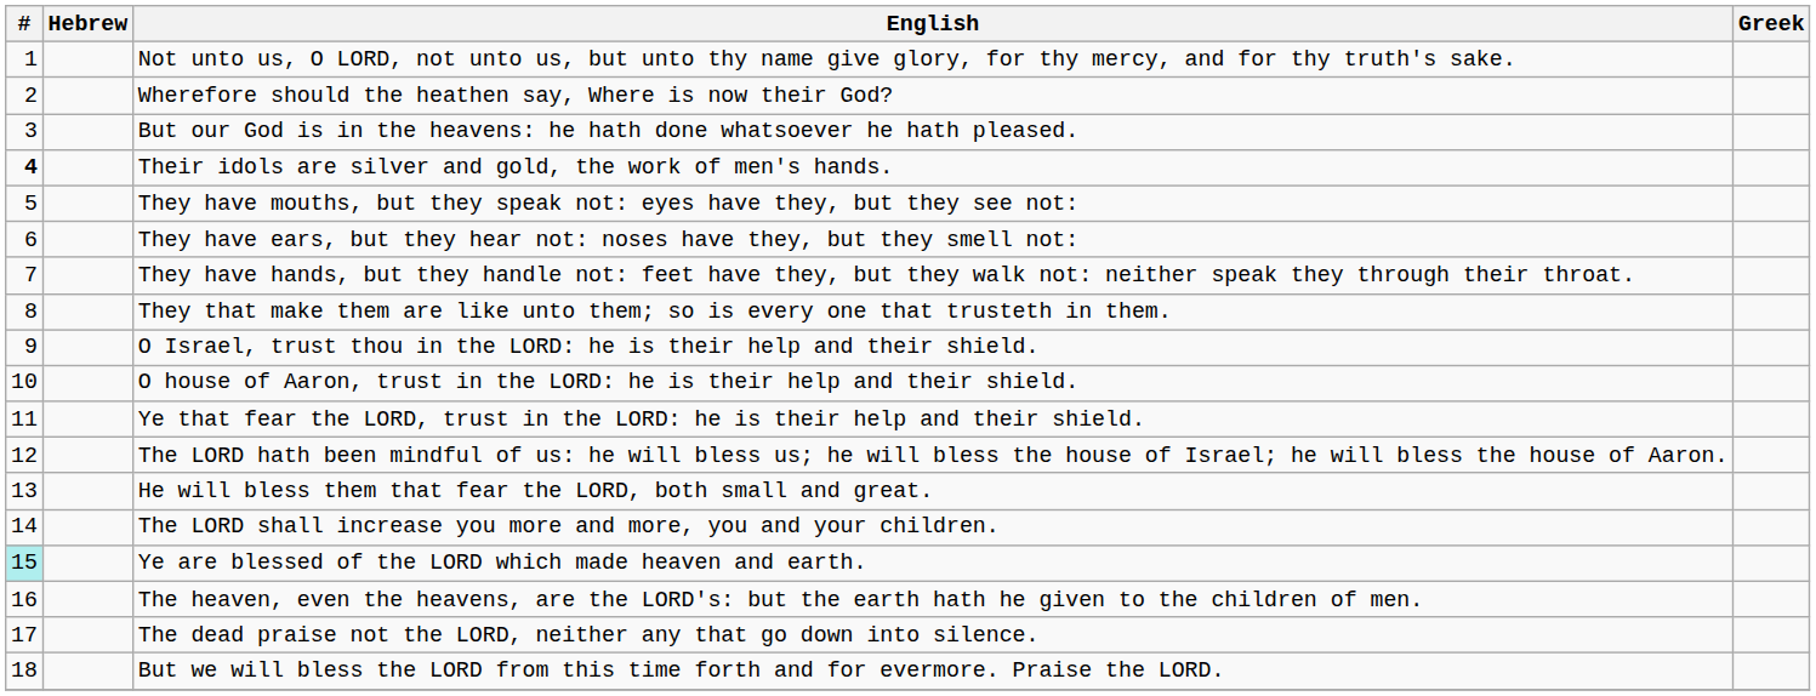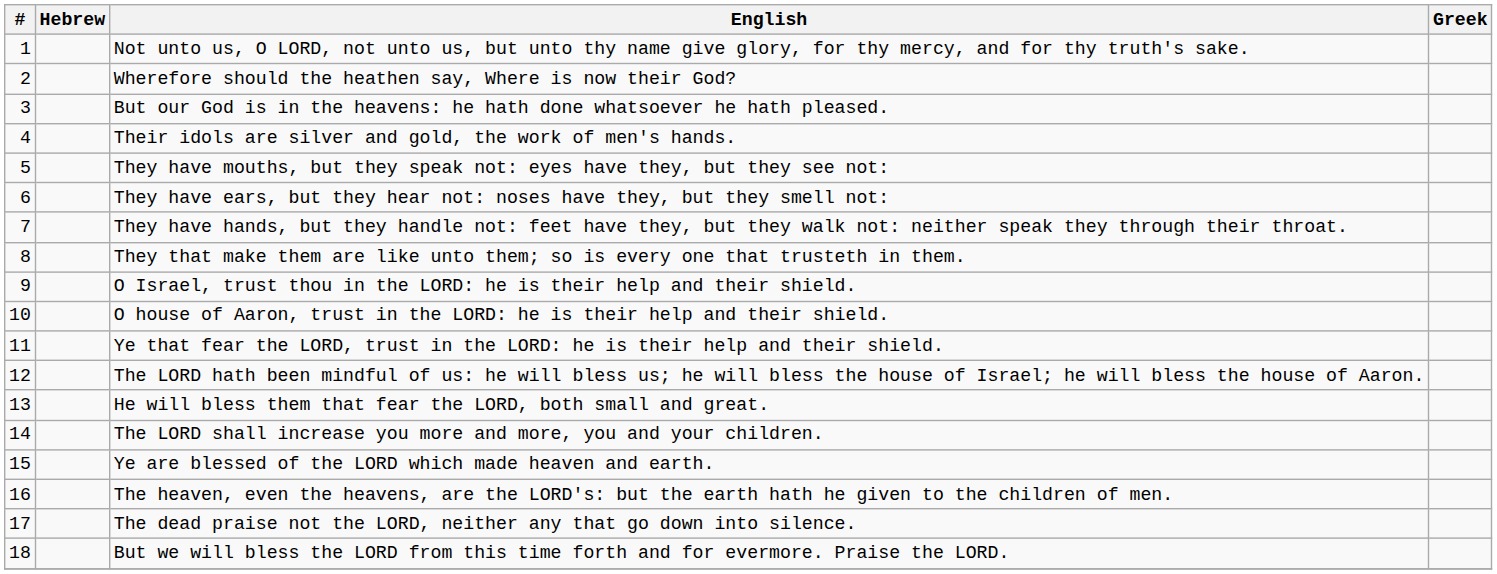 <table class=wikitable>
 <tr>
 <th>#</th>
 <th>Hebrew</th>
 <th>English</th>
 <th>Greek</th>
 </tr>
 <tr>
 <td style="text-align:right">1</td>
 <td style="text-align:right"></td>
 <td>Not unto us, O LORD, not unto us, but unto thy name give glory, for thy mercy, and for thy truth's sake.</td>
 <td></td>
 </tr>
 <tr>
 <td style="text-align:right">2</td>
 <td style="text-align:right"></td>
 <td>Wherefore should the heathen say, Where is now their God?</td>
 <td></td>
 </tr>
 <tr>
 <td style="text-align:right">3</td>
 <td style="text-align:right"></td>
 <td>But our God is in the heavens: he hath done whatsoever he hath pleased.</td>
 <td></td>
 </tr>
 <tr>
-<td style="text-align:right"><strong>4</strong></td>
+<td style="text-align:right">4</td>
 <td style="text-align:right"></td>
 <td>Their idols are silver and gold, the work of men's hands.</td>
 <td></td>
 </tr>
 <tr>
 <td style="text-align:right">5</td>
 <td style="text-align:right"></td>
 <td>They have mouths, but they speak not: eyes have they, but they see not:</td>
 <td></td>
 </tr>
 <tr>
 <td style="text-align:right">6</td>
 <td style="text-align:right"></td>
 <td>They have ears, but they hear not: noses have they, but they smell not:</td>
 <td></td>
 </tr>
 <tr>
 <td style="text-align:right">7</td>
 <td style="text-align:right"></td>
 <td>They have hands, but they handle not: feet have they, but they walk not: neither speak they through their throat.</td>
 <td></td>
 </tr>
 <tr>
 <td style="text-align:right">8</td>
 <td style="text-align:right"></td>
 <td>They that make them are like unto them; so is every one that trusteth in them.</td>
 <td></td>
 </tr>
 <tr>
 <td style="text-align:right">9</td>
 <td style="text-align:right"></td>
 <td>O Israel, trust thou in the LORD: he is their help and their shield.</td>
 <td></td>
 </tr>
 <tr>
 <td style="text-align:right">10</td>
 <td style="text-align:right"></td>
 <td>O house of Aaron, trust in the LORD: he is their help and their shield.</td>
 <td></td>
 </tr>
 <tr>
 <td style="text-align:right">11</td>
 <td style="text-align:right"></td>
 <td>Ye that fear the LORD, trust in the LORD: he is their help and their shield.</td>
 <td></td>
 </tr>
 <tr>
 <td style="text-align:right">12</td>
 <td style="text-align:right"></td>
 <td>The LORD hath been mindful of us: he will bless us; he will bless the house of Israel; he will bless the house of Aaron.</td>
 <td></td>
 </tr>
 <tr>
 <td style="text-align:right">13</td>
 <td style="text-align:right"></td>
 <td>He will bless them that fear the LORD, both small and great.</td>
 <td></td>
 </tr>
 <tr>
 <td style="text-align:right">14</td>
 <td style="text-align:right"></td>
 <td>The LORD shall increase you more and more, you and your children.</td>
 <td></td>
 </tr>
 <tr>
-<td style="background: paleturquoise; text-align:right">15</td>
+<td style="text-align:right">15</td>
 <td style="text-align:right"></td>
 <td>Ye are blessed of the LORD which made heaven and earth.</td>
 <td></td>
 </tr>
 <tr>
 <td style="text-align:right">16</td>
 <td style="text-align:right"></td>
 <td>The heaven, even the heavens, are the LORD's: but the earth hath he given to the children of men.</td>
 <td></td>
 </tr>
 <tr>
 <td style="text-align:right">17</td>
 <td style="text-align:right"></td>
 <td>The dead praise not the LORD, neither any that go down into silence.</td>
 <td></td>
 </tr>
 <tr>
 <td style="text-align:right">18</td>
 <td style="text-align:right"></td>
 <td>But we will bless the LORD from this time forth and for evermore. Praise the LORD.</td>
 <td></td>
 </tr>
 <tr>
 </tr>
 </table>
